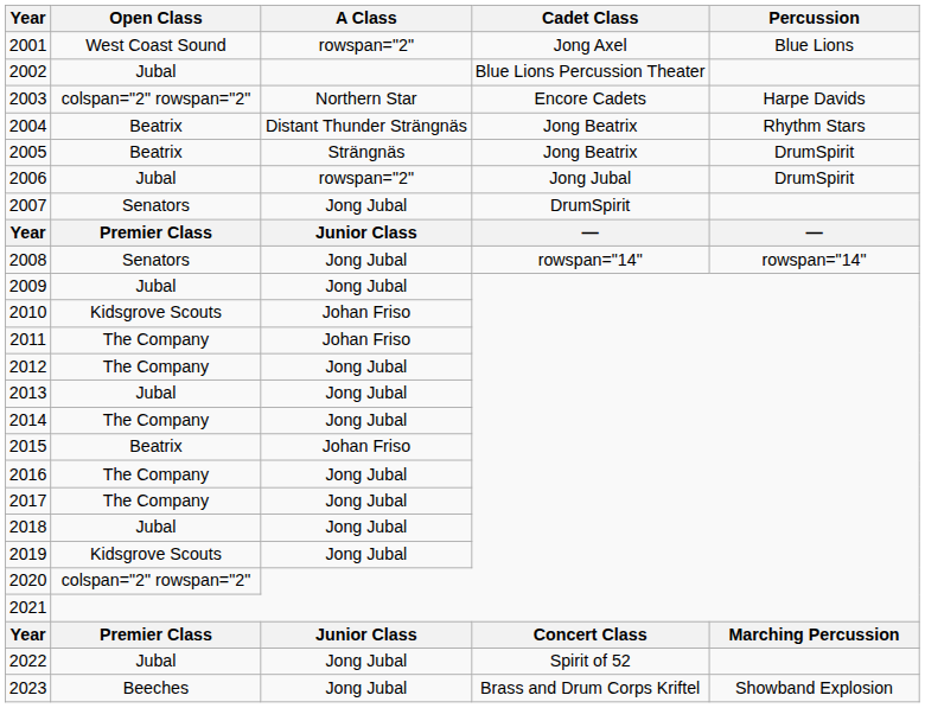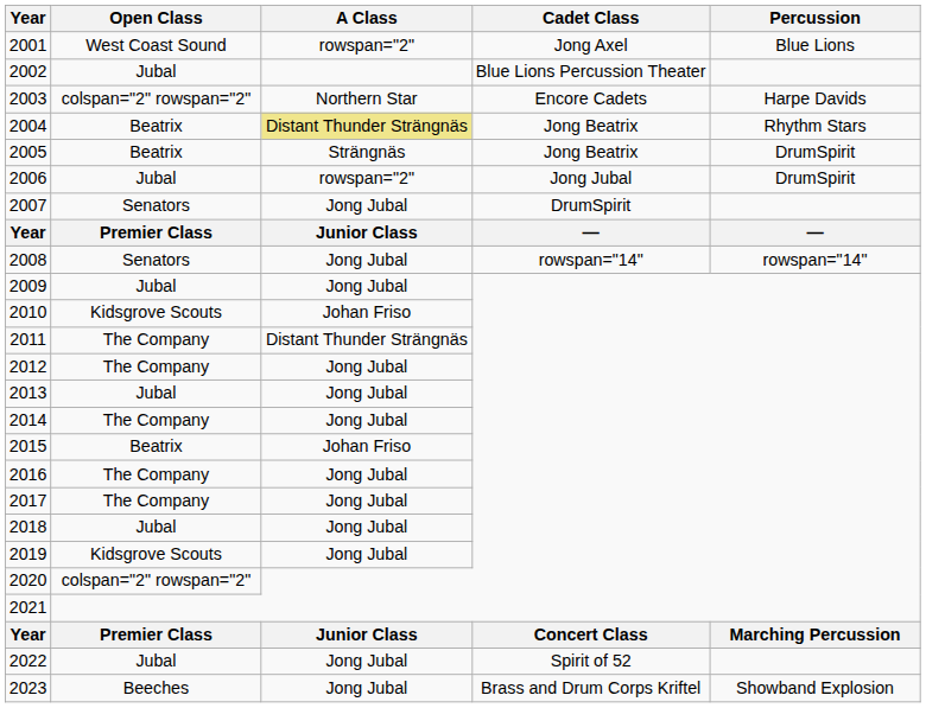 <table class="wikitable" style="text-align:center;">
 <tr>
 <th>Year</th>
 <th style="min-width: 12em;">Open Class</th>
 <th style="min-width: 12em;">A Class</th>
 <th style="min-width: 12em;">Cadet Class</th>
 <th style="min-width: 12em;">Percussion</th>
 </tr>
 <tr>
 <td>2001</td>
 <td>West Coast Sound</td>
 <td>rowspan="2" </td>
 <td>Jong Axel</td>
 <td>Blue Lions</td>
 </tr>
 <tr>
 <td>2002</td>
 <td>Jubal </td>
 <td></td>
 <td>Blue Lions Percussion Theater</td>
 </tr>
 <tr>
 <td>2003</td>
 <td>colspan="2" rowspan="2" </td>
 <td>Northern Star</td>
 <td>Encore Cadets</td>
 <td>Harpe Davids</td>
 </tr>
 <tr>
 <td>2004</td>
 <td>Beatrix</td>
-<td>Distant Thunder Strängnäs</td>
+<td style="background: khaki;">Distant Thunder Strängnäs</td>
 <td>Jong Beatrix</td>
 <td>Rhythm Stars</td>
 </tr>
 <tr>
 <td>2005</td>
 <td>Beatrix </td>
 <td>Strängnäs </td>
 <td>Jong Beatrix </td>
 <td>DrumSpirit</td>
 </tr>
 <tr>
 <td>2006</td>
 <td>Jubal </td>
 <td>rowspan="2" </td>
 <td>Jong Jubal</td>
 <td>DrumSpirit </td>
 </tr>
 <tr>
 <td>2007</td>
 <td>Senators</td>
 <td>Jong Jubal </td>
 <td>DrumSpirit </td>
 </tr>
 <tr>
 <th>Year</th>
 <th>Premier Class</th>
 <th>Junior Class</th>
 <th>—</th>
 <th>—</th>
 </tr>
 <tr>
 <td>2008</td>
 <td>Senators </td>
 <td>Jong Jubal </td>
 <td>rowspan="14" </td>
 <td>rowspan="14" </td>
 </tr>
 <tr>
 <td>2009</td>
 <td>Jubal </td>
 <td>Jong Jubal </td>
 </tr>
 <tr>
 <td>2010</td>
 <td>Kidsgrove Scouts</td>
 <td>Johan Friso</td>
 </tr>
 <tr>
 <td>2011</td>
 <td>The Company</td>
-<td>Johan Friso </td>
+<td>Distant Thunder Strängnäs</td>
 </tr>
 <tr>
 <td>2012</td>
 <td>The Company </td>
 <td>Jong Jubal </td>
 </tr>
 <tr>
 <td>2013</td>
 <td>Jubal </td>
 <td>Jong Jubal </td>
 </tr>
 <tr>
 <td>2014</td>
 <td>The Company </td>
 <td>Jong Jubal </td>
 </tr>
 <tr>
 <td>2015</td>
 <td>Beatrix </td>
 <td>Johan Friso </td>
 </tr>
 <tr>
 <td>2016</td>
 <td>The Company </td>
 <td>Jong Jubal </td>
 </tr>
 <tr>
 <td>2017</td>
 <td>The Company </td>
 <td>Jong Jubal </td>
 </tr>
 <tr>
 <td>2018</td>
 <td>Jubal </td>
 <td>Jong Jubal </td>
 </tr>
 <tr>
 <td>2019</td>
 <td>Kidsgrove Scouts </td>
 <td>Jong Jubal </td>
 </tr>
 <tr>
 <td>2020</td>
 <td>colspan="2" rowspan="2" </td>
 </tr>
 <tr>
 <td>2021</td>
 </tr>
 <tr>
 <th>Year</th>
 <th>Premier Class</th>
 <th>Junior Class</th>
 <th>Concert Class</th>
 <th>Marching Percussion</th>
 </tr>
 <tr>
 <td>2022</td>
 <td>Jubal </td>
 <td>Jong Jubal </td>
 <td>Spirit of 52</td>
 <td></td>
 </tr>
 <tr>
 <td>2023</td>
 <td>Beeches</td>
 <td>Jong Jubal </td>
 <td>Brass and Drum Corps Kriftel</td>
 <td>Showband Explosion</td>
 </tr>
 </table>
